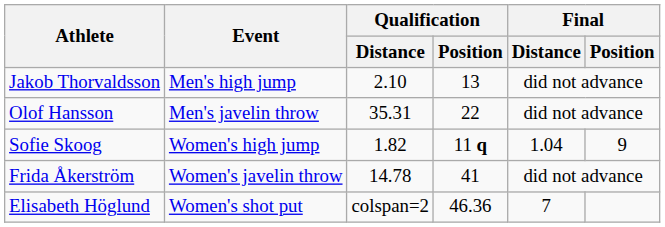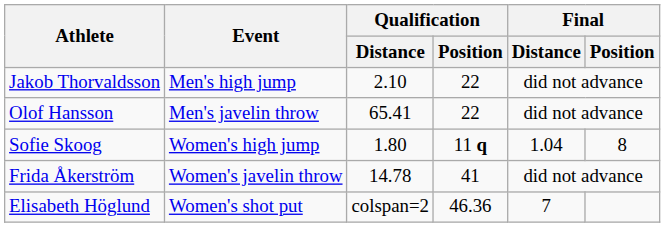 <table class=wikitable style="font-size:90%">
 <tr>
 <th rowspan=2>Athlete</th>
 <th rowspan=2>Event</th>
 <th colspan=2>Qualification</th>
 <th colspan=2>Final</th>
 </tr>
 <tr>
 <th>Distance</th>
 <th>Position</th>
 <th>Distance</th>
 <th>Position</th>
 </tr>
 <tr align=center>
 <td align=left><a href='#'>Jakob Thorvaldsson</a></td>
 <td align=left><a href='#'>Men's high jump</a></td>
 <td>2.10</td>
-<td>13</td>
+<td>22</td>
 <td colspan=2>did not advance</td>
 </tr>
 <tr align=center>
 <td align=left><a href='#'>Olof Hansson</a></td>
 <td align=left><a href='#'>Men's javelin throw</a></td>
-<td>35.31</td>
+<td>65.41</td>
 <td>22</td>
 <td colspan=2>did not advance</td>
 </tr>
 <tr align=center>
 <td align=left><a href='#'>Sofie Skoog</a></td>
 <td align=left><a href='#'>Women's high jump</a></td>
-<td>1.82</td>
+<td>1.80</td>
 <td>11 <strong>q</strong></td>
 <td>1.04</td>
-<td>9</td>
+<td>8</td>
 </tr>
 <tr align=center>
 <td align=left><a href='#'>Frida Åkerström</a></td>
 <td align=left><a href='#'>Women's javelin throw</a></td>
 <td>14.78</td>
 <td>41</td>
 <td colspan=2>did not advance</td>
 </tr>
 <tr align=center>
 <td align=left><a href='#'>Elisabeth Höglund</a></td>
 <td align=left><a href='#'>Women's shot put</a></td>
 <td>colspan=2 </td>
 <td>46.36</td>
 <td>7</td>
 </tr>
 </table>
